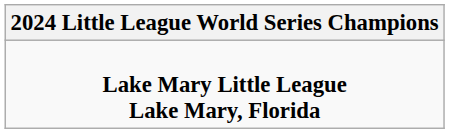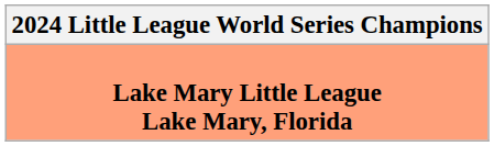 <table class="wikitable" style="text-align: center; margin: 0 auto;">
 <tr>
 <th>2024 Little League World Series Champions</th>
 </tr>
 <tr>
-<td> <br><strong>Lake Mary Little League</strong><br><strong> Lake Mary, Florida</strong></td>
+<td style="background: lightsalmon;"> <br><strong>Lake Mary Little League</strong><br><strong> Lake Mary, Florida</strong></td>
 </tr>
 </table>
